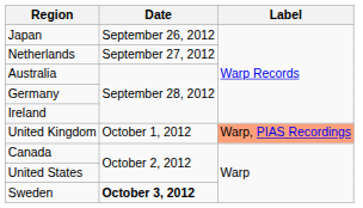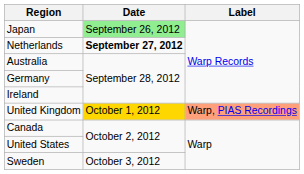 <table class="wikitable">
 <tr>
 <th>Region</th>
 <th>Date</th>
 <th>Label</th>
 </tr>
 <tr>
 <td>Japan</td>
-<td>September 26, 2012</td>
+<td style="background: lightgreen;">September 26, 2012</td>
 <td rowspan="5"><a href='#'>Warp Records</a></td>
 </tr>
 <tr>
 <td>Netherlands</td>
-<td>September 27, 2012</td>
+<td><strong>September 27, 2012</strong></td>
 </tr>
 <tr>
 <td>Australia</td>
 <td rowspan="3">September 28, 2012</td>
 </tr>
 <tr>
 <td>Germany</td>
 </tr>
 <tr>
 <td>Ireland</td>
 </tr>
 <tr>
 <td>United Kingdom</td>
-<td>October 1, 2012</td>
+<td style="background: gold;">October 1, 2012</td>
 <td style="background: lightsalmon;">Warp, <a href='#'>PIAS Recordings</a></td>
 </tr>
 <tr>
 <td>Canada</td>
 <td rowspan="2">October 2, 2012</td>
 <td rowspan="3">Warp</td>
 </tr>
 <tr>
 <td>United States</td>
 </tr>
 <tr>
 <td>Sweden</td>
-<td><strong>October 3, 2012</strong></td>
+<td>October 3, 2012</td>
 </tr>
 </table>
